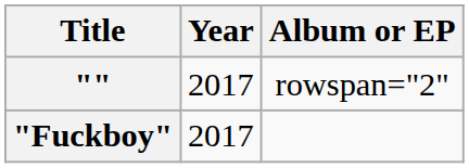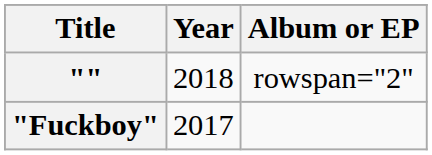 <table class="wikitable plainrowheaders" style="text-align:center;">
 <tr>
 <th scope="col">Title</th>
 <th scope="col">Year</th>
 <th scope="col">Album or EP</th>
 </tr>
 <tr>
 <th scope="row">""<br></th>
-<td>2017</td>
+<td>2018</td>
 <td>rowspan="2" </td>
 </tr>
 <tr>
 <th scope="row">"Fuckboy"<br></th>
 <td>2017</td>
 </tr>
 </table>
